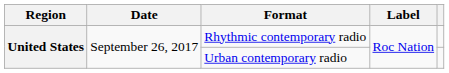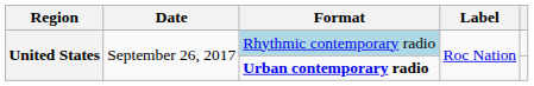 <table class="wikitable plainrowheaders">
 <tr>
 <th scope="col">Region</th>
 <th scope="col">Date</th>
 <th scope="col">Format</th>
 <th scope="col">Label</th>
 <th scope="col"></th>
 </tr>
 <tr>
 <th scope="row" rowspan="2">United States</th>
 <td rowspan="2">September 26, 2017</td>
-<td><a href='#'>Rhythmic contemporary</a> radio</td>
+<td style="background: lightblue;"><a href='#'>Rhythmic contemporary</a> radio</td>
 <td rowspan="2"><a href='#'>Roc Nation</a></td>
 <td style="text-align:center;"></td>
 </tr>
 <tr>
-<td><a href='#'>Urban contemporary</a> radio</td>
+<td><strong><a href='#'>Urban contemporary</a> radio</strong></td>
 <td style="text-align:center;"></td>
 </tr>
 </table>
